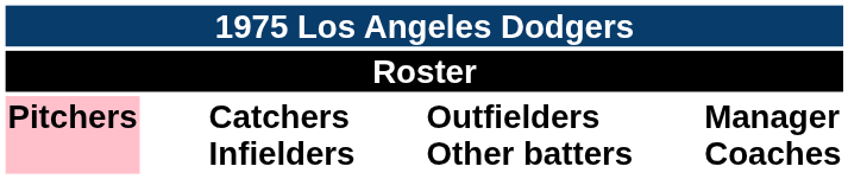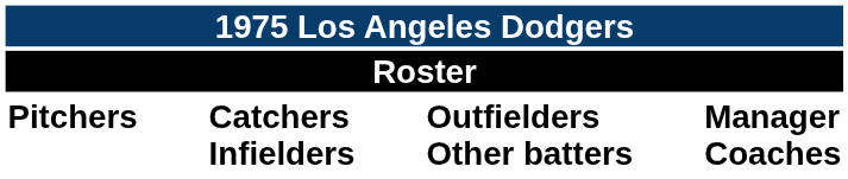 <table class="toccolours" style="font-size: 95%;">
 <tr>
 <th colspan="10" style="background-color: #083c6b; color: white; text-align: center;">1975 Los Angeles Dodgers</th>
 </tr>
 <tr>
 <td colspan="10" style="background-color: black; color: white; text-align: center;"><strong>Roster</strong></td>
 </tr>
 <tr>
-<td valign="top" style="background: pink;"><strong>Pitchers</strong><br>                             </td>
+<td valign="top"><strong>Pitchers</strong><br>                             </td>
 <td width="25px"></td>
 <td valign="top"><strong>Catchers</strong><br>   <strong>Infielders</strong>        </td>
 <td width="25px"></td>
 <td valign="top"><strong>Outfielders</strong><br>          <strong>Other batters</strong>  </td>
 <td width="25px"></td>
 <td valign="top"><strong>Manager</strong><br> <strong>Coaches</strong>     </td>
 </tr>
 </table>
